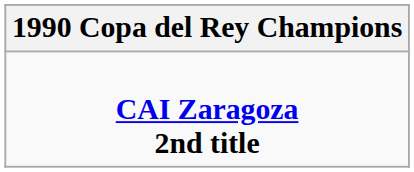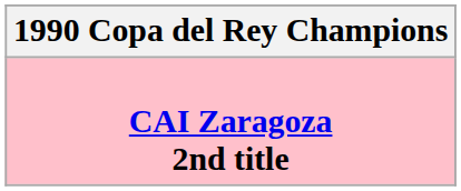 <table class=wikitable style="text-align:center; margin:auto">
 <tr>
 <th>1990 Copa del Rey Champions</th>
 </tr>
 <tr>
-<td><br> <strong><a href='#'>CAI Zaragoza</a></strong> <br> <strong>2nd title</strong></td>
+<td style="background: pink;"><br> <strong><a href='#'>CAI Zaragoza</a></strong> <br> <strong>2nd title</strong></td>
 </tr>
 </table>
